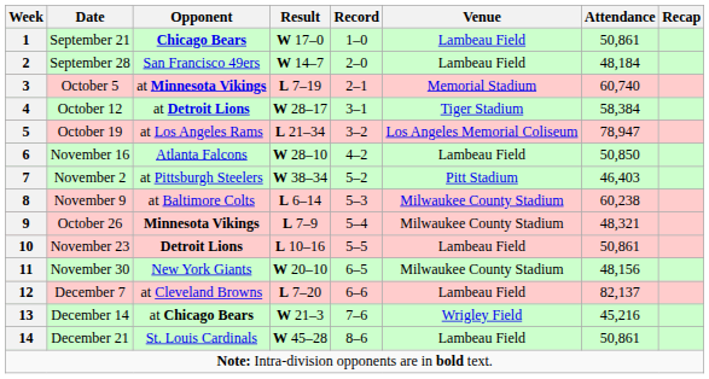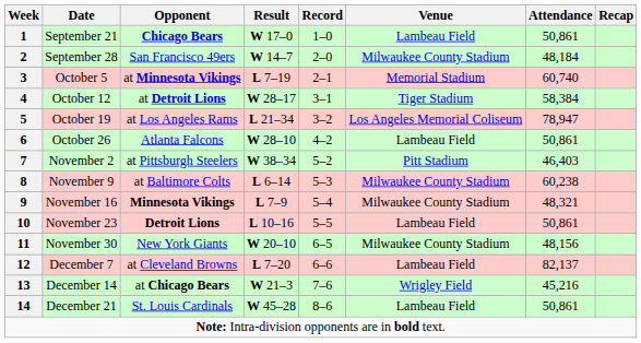 <table class="wikitable" style="text-align:center">
 <tr>
 <th>Week</th>
 <th>Date</th>
 <th>Opponent</th>
 <th>Result</th>
 <th>Record</th>
 <th>Venue</th>
 <th>Attendance</th>
 <th>Recap</th>
 </tr>
 <tr style="background:#cfc">
 <th>1</th>
 <td>September 21</td>
 <td><strong><a href='#'>Chicago Bears</a></strong></td>
 <td><strong>W</strong> 17–0</td>
 <td>1–0</td>
 <td><a href='#'>Lambeau Field</a></td>
 <td>50,861</td>
 <td></td>
 </tr>
 <tr style="background:#cfc">
 <th>2</th>
 <td>September 28</td>
 <td><a href='#'>San Francisco 49ers</a></td>
 <td><strong>W</strong> 14–7</td>
 <td>2–0</td>
-<td>Lambeau Field</td>
+<td><a href='#'>Milwaukee County Stadium</a></td>
 <td>48,184</td>
 <td></td>
 </tr>
 <tr style="background:#fcc">
 <th>3</th>
 <td>October 5</td>
 <td>at <strong><a href='#'>Minnesota Vikings</a></strong></td>
 <td><strong>L</strong> 7–19</td>
 <td>2–1</td>
 <td><a href='#'>Memorial Stadium</a></td>
 <td>60,740</td>
 <td></td>
 </tr>
 <tr style="background:#cfc">
 <th>4</th>
 <td>October 12</td>
 <td>at <strong><a href='#'>Detroit Lions</a></strong></td>
 <td><strong>W</strong> 28–17</td>
 <td>3–1</td>
 <td><a href='#'>Tiger Stadium</a></td>
 <td>58,384</td>
 <td></td>
 </tr>
 <tr style="background:#fcc">
 <th>5</th>
 <td>October 19</td>
 <td>at <a href='#'>Los Angeles Rams</a></td>
 <td><strong>L</strong> 21–34</td>
 <td>3–2</td>
 <td><a href='#'>Los Angeles Memorial Coliseum</a></td>
 <td>78,947</td>
 <td></td>
 </tr>
 <tr style="background:#cfc">
 <th>6</th>
-<td>November 16</td>
+<td>October 26</td>
 <td><a href='#'>Atlanta Falcons</a></td>
 <td><strong>W</strong> 28–10</td>
 <td>4–2</td>
 <td>Lambeau Field</td>
-<td>50,850</td>
+<td>50,861</td>
 <td></td>
 </tr>
 <tr style="background:#cfc">
 <th>7</th>
 <td>November 2</td>
 <td>at <a href='#'>Pittsburgh Steelers</a></td>
 <td><strong>W</strong> 38–34</td>
 <td>5–2</td>
 <td><a href='#'>Pitt Stadium</a></td>
 <td>46,403</td>
 <td></td>
 </tr>
 <tr style="background:#fcc">
 <th>8</th>
 <td>November 9</td>
 <td>at <a href='#'>Baltimore Colts</a></td>
 <td><strong>L</strong> 6–14</td>
 <td>5–3</td>
 <td><a href='#'>Milwaukee County Stadium</a></td>
 <td>60,238</td>
 <td></td>
 </tr>
 <tr style="background:#fcc">
 <th>9</th>
-<td>October 26</td>
+<td>November 16</td>
 <td><strong>Minnesota Vikings</strong></td>
 <td><strong>L</strong> 7–9</td>
 <td>5–4</td>
 <td>Milwaukee County Stadium</td>
 <td>48,321</td>
 <td></td>
 </tr>
 <tr style="background:#fcc">
 <th>10</th>
 <td>November 23</td>
 <td><strong>Detroit Lions</strong></td>
 <td><strong>L</strong> 10–16</td>
 <td>5–5</td>
 <td>Lambeau Field</td>
 <td>50,861</td>
 <td></td>
 </tr>
 <tr style="background:#cfc">
 <th>11</th>
 <td>November 30</td>
 <td><a href='#'>New York Giants</a></td>
 <td><strong>W</strong> 20–10</td>
 <td>6–5</td>
 <td>Milwaukee County Stadium</td>
 <td>48,156</td>
 <td></td>
 </tr>
 <tr style="background:#fcc">
 <th>12</th>
 <td>December 7</td>
 <td>at <a href='#'>Cleveland Browns</a></td>
 <td><strong>L</strong> 7–20</td>
 <td>6–6</td>
 <td>Lambeau Field</td>
 <td>82,137</td>
 <td></td>
 </tr>
 <tr style="background:#cfc">
 <th>13</th>
 <td>December 14</td>
 <td>at <strong>Chicago Bears</strong></td>
 <td><strong>W</strong> 21–3</td>
 <td>7–6</td>
 <td><a href='#'>Wrigley Field</a></td>
 <td>45,216</td>
 <td></td>
 </tr>
 <tr style="background:#cfc">
 <th>14</th>
 <td>December 21</td>
 <td><a href='#'>St. Louis Cardinals</a></td>
 <td><strong>W</strong> 45–28</td>
 <td>8–6</td>
 <td>Lambeau Field</td>
 <td>50,861</td>
 <td></td>
 </tr>
 <tr>
 <td colspan="8"><strong>Note:</strong> Intra-division opponents are in <strong>bold</strong> text.</td>
 </tr>
 </table>
